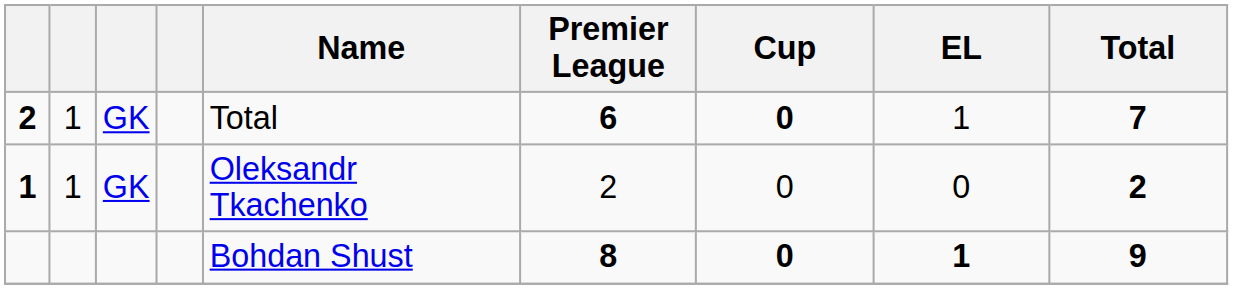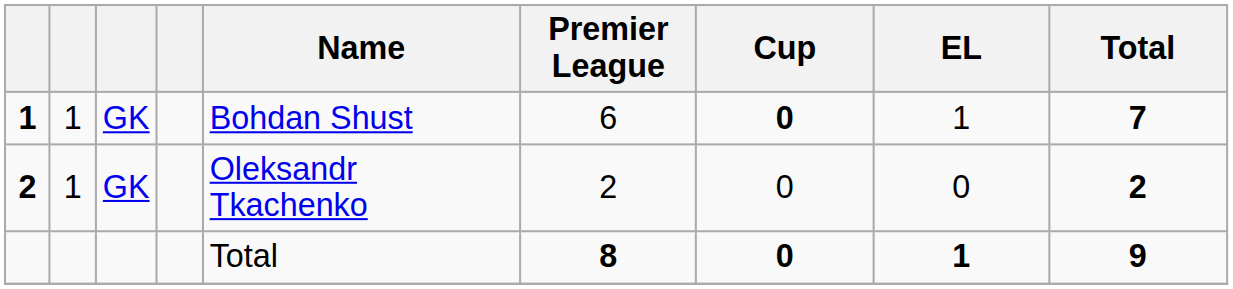 <table class="wikitable" style="text-align:center">
 <tr>
 <th width=15></th>
 <th width=15></th>
 <th width=15></th>
 <th width=15></th>
 <th width=150>Name</th>
 <th width=80>Premier League</th>
 <th width=80>Cup</th>
 <th width=80>EL</th>
 <th width=80>Total</th>
 </tr>
 <tr>
-<td><strong>2</strong></td>
+<td><strong>1</strong></td>
 <td>1</td>
 <td><a href='#'>GK</a></td>
 <td></td>
-<td align=left>Total</td>
-<td><strong>6</strong></td>
+<td align=left><a href='#'>Bohdan Shust</a></td>
+<td>6</td>
 <td><strong>0</strong></td>
 <td>1</td>
 <td><strong>7</strong></td>
 </tr>
 <tr>
-<td><strong>1</strong></td>
+<td><strong>2</strong></td>
 <td>1</td>
 <td><a href='#'>GK</a></td>
 <td></td>
 <td align=left><a href='#'>Oleksandr Tkachenko</a></td>
 <td>2</td>
 <td>0</td>
 <td>0</td>
 <td><strong>2</strong></td>
 </tr>
 <tr>
 <td></td>
 <td></td>
 <td></td>
 <td></td>
-<td align=left><a href='#'>Bohdan Shust</a></td>
+<td align=left>Total</td>
 <td><strong>8</strong></td>
 <td><strong>0</strong></td>
 <td><strong>1</strong></td>
 <td><strong>9</strong></td>
 </tr>
 <tr>
 </tr>
 </table>
